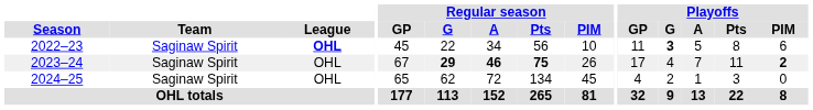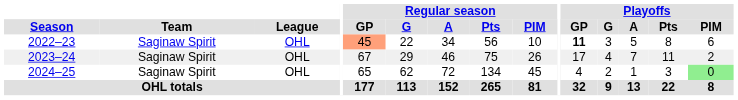 <table border="0" cellpadding="1" cellspacing="0" style="text-align:center; width:60em;">
 <tr bgcolor="#e0e0e0">
 <th colspan="3" bgcolor="#ffffff"></th>
 <th rowspan="94" bgcolor="#ffffff"></th>
 <th colspan="5"><a href='#'>Regular season</a></th>
 <th rowspan="94" bgcolor="#ffffff"></th>
 <th colspan="5"><a href='#'>Playoffs</a></th>
 </tr>
 <tr bgcolor="#e0e0e0">
 <th><a href='#'>Season</a></th>
 <th>Team</th>
 <th>League</th>
 <th>GP</th>
 <th><a href='#'>G</a></th>
 <th><a href='#'>A</a></th>
 <th><a href='#'>Pts</a></th>
 <th><a href='#'>PIM</a></th>
 <th>GP</th>
 <th>G</th>
 <th>A</th>
 <th>Pts</th>
 <th>PIM</th>
 </tr>
 <tr>
 <td><a href='#'>2022–23</a></td>
 <td><a href='#'>Saginaw Spirit</a></td>
-<td><strong><a href='#'>OHL</a></strong></td>
-<td>45</td>
+<td><a href='#'>OHL</a></td>
+<td style="background: lightsalmon;">45</td>
 <td>22</td>
 <td>34</td>
 <td>56</td>
 <td>10</td>
-<td>11</td>
-<td><strong>3</strong></td>
+<td><strong>11</strong></td>
+<td>3</td>
 <td>5</td>
 <td>8</td>
 <td>6</td>
 </tr>
 <tr bgcolor="f0f0f0">
 <td><a href='#'>2023–24</a></td>
 <td>Saginaw Spirit</td>
 <td>OHL</td>
 <td>67</td>
-<td><strong>29</strong></td>
-<td><strong>46</strong></td>
-<td><strong>75</strong></td>
+<td>29</td>
+<td>46</td>
+<td>75</td>
 <td>26</td>
 <td>17</td>
 <td>4</td>
 <td>7</td>
 <td>11</td>
-<td><strong>2</strong></td>
+<td>2</td>
 </tr>
 <tr>
 <td><a href='#'>2024–25</a></td>
 <td>Saginaw Spirit</td>
 <td>OHL</td>
 <td>65</td>
 <td>62</td>
 <td>72</td>
 <td>134</td>
 <td>45</td>
 <td>4</td>
 <td>2</td>
 <td>1</td>
 <td>3</td>
-<td>0</td>
+<td style="background: lightgreen;">0</td>
 </tr>
 <tr bgcolor="#e0e0e0">
 <th colspan="3">OHL totals</th>
 <th>177</th>
 <th>113</th>
 <th>152</th>
 <th>265</th>
 <th>81</th>
 <th>32</th>
 <th>9</th>
 <th>13</th>
 <th>22</th>
 <th>8</th>
 </tr>
 </table>
